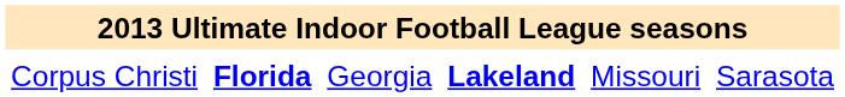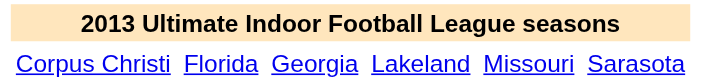 <table cellspacing="2" cellpadding="3" class="toccolours" style="font-size: 95%; margin: auto; text-align: center;">
 <tr>
 <th colspan="20" style="background-color: #FFE6BD;"><strong>2013 Ultimate Indoor Football League seasons</strong></th>
 </tr>
 <tr>
 <td style=><a href='#'>Corpus Christi</a></td>
-<td style=><strong><a href='#'>Florida</a></strong></td>
+<td style=><a href='#'>Florida</a></td>
 <td style=><a href='#'>Georgia</a></td>
-<td style=><strong><a href='#'>Lakeland</a></strong></td>
+<td style=><a href='#'>Lakeland</a></td>
 <td style=><a href='#'>Missouri</a></td>
 <td style=><a href='#'>Sarasota</a></td>
 </tr>
 <tr>
 </tr>
 </table>
